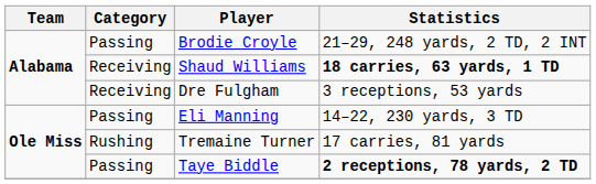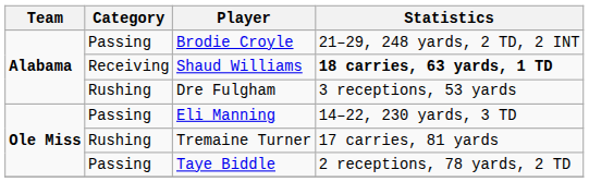 <table class="wikitable" style="float: right;">
 <tr>
 <th>Team</th>
 <th>Category</th>
 <th>Player</th>
 <th>Statistics</th>
 </tr>
 <tr>
 <td rowspan=3><strong>Alabama</strong></td>
 <td>Passing</td>
 <td><a href='#'>Brodie Croyle</a></td>
 <td>21–29, 248 yards, 2 TD, 2 INT</td>
 </tr>
 <tr>
 <td>Receiving</td>
 <td><a href='#'>Shaud Williams</a></td>
 <td><strong>18 carries, 63 yards, 1 TD</strong></td>
 </tr>
 <tr>
-<td>Receiving</td>
+<td>Rushing</td>
 <td>Dre Fulgham</td>
 <td>3 receptions, 53 yards</td>
 </tr>
 <tr>
 <td rowspan=3><strong>Ole Miss</strong></td>
 <td>Passing</td>
 <td><a href='#'>Eli Manning</a></td>
 <td>14–22, 230 yards, 3 TD</td>
 </tr>
 <tr>
 <td>Rushing</td>
 <td>Tremaine Turner</td>
 <td>17 carries, 81 yards</td>
 </tr>
 <tr>
 <td>Passing</td>
 <td><a href='#'>Taye Biddle</a></td>
-<td><strong>2 receptions, 78 yards, 2 TD</strong></td>
+<td>2 receptions, 78 yards, 2 TD</td>
 </tr>
 <tr>
 </tr>
 </table>
